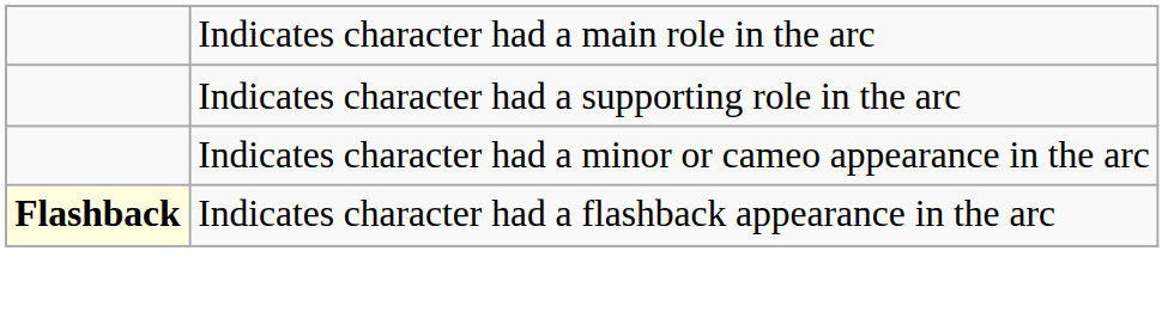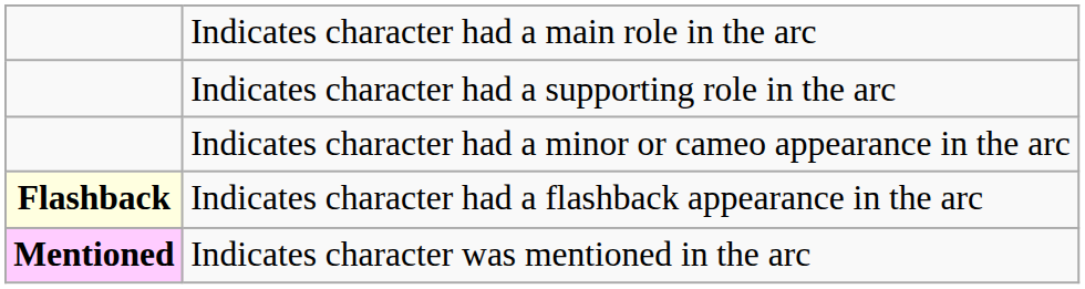 <table class= "wikitable">
 <tr>
 <td></td>
 <td>Indicates character had a main role in the arc</td>
 </tr>
 <tr>
 <td></td>
 <td>Indicates character had a supporting role in the arc</td>
 </tr>
 <tr>
 <td></td>
 <td>Indicates character had a minor or cameo appearance in the arc</td>
 </tr>
 <tr>
 <td style="text-align:center; background-color:lightyellow"><strong>Flashback</strong></td>
 <td>Indicates character had a flashback appearance in the arc</td>
 </tr>
+<tr>
+<td style="text-align:center; background-color:#FFCCFF"><strong>Mentioned</strong></td>
+<td>Indicates character was mentioned in the arc</td>
+</tr>
 </table>
